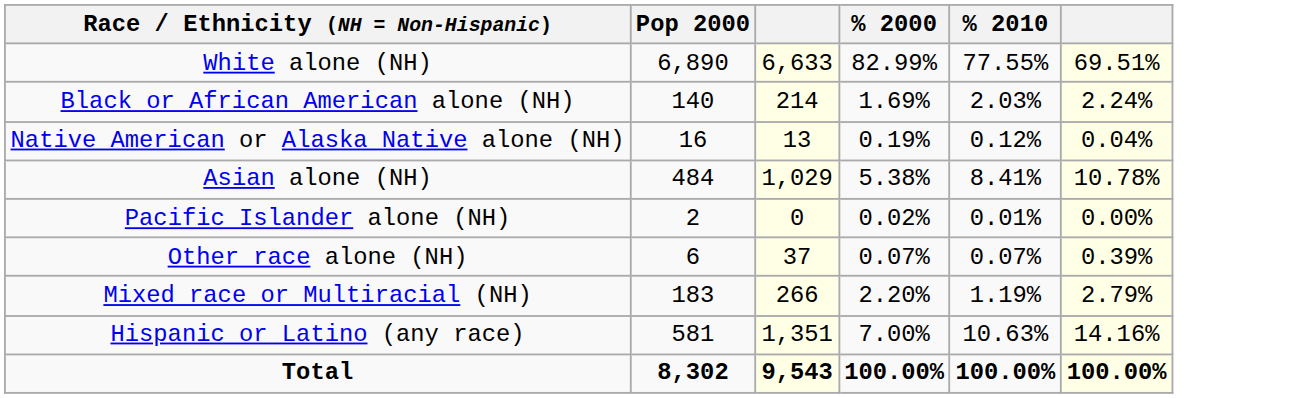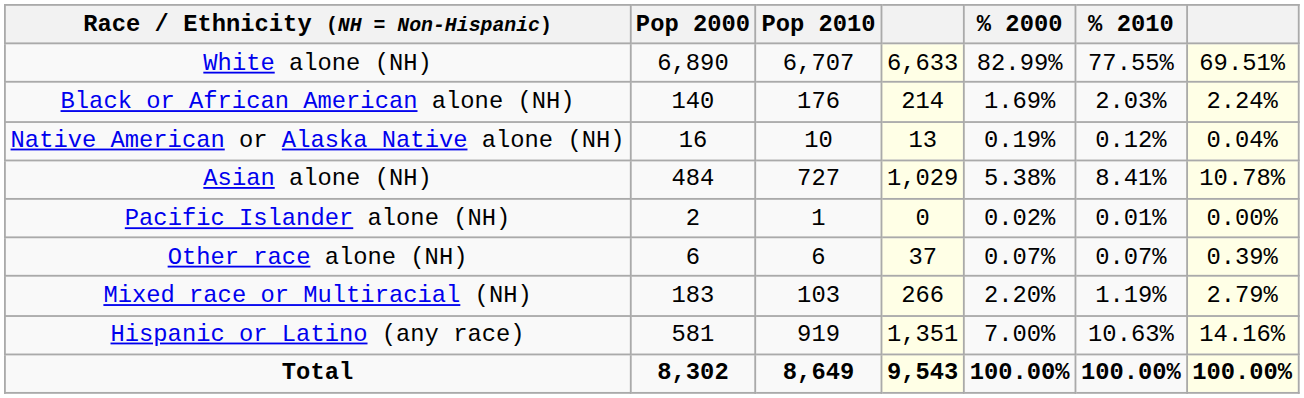 <table class="wikitable" style="text-align:center;">
 <tr>
 <th>Race / Ethnicity <small>(<em>NH = Non-Hispanic</em>)</small></th>
 <th>Pop 2000</th>
+<th>Pop 2010</th>
 <th></th>
 <th>% 2000</th>
 <th>% 2010</th>
 <th></th>
 </tr>
 <tr>
 <td><a href='#'>White</a> alone (NH)</td>
 <td>6,890</td>
+<td>6,707</td>
 <td style='background: #ffffe6;'>6,633</td>
 <td>82.99%</td>
 <td>77.55%</td>
 <td style='background: #ffffe6;'>69.51%</td>
 </tr>
 <tr>
 <td><a href='#'>Black or African American</a> alone (NH)</td>
 <td>140</td>
+<td>176</td>
 <td style='background: #ffffe6;'>214</td>
 <td>1.69%</td>
 <td>2.03%</td>
 <td style='background: #ffffe6;'>2.24%</td>
 </tr>
 <tr>
 <td><a href='#'>Native American</a> or <a href='#'>Alaska Native</a> alone (NH)</td>
 <td>16</td>
+<td>10</td>
 <td style='background: #ffffe6;'>13</td>
 <td>0.19%</td>
 <td>0.12%</td>
 <td style='background: #ffffe6;'>0.04%</td>
 </tr>
 <tr>
 <td><a href='#'>Asian</a> alone (NH)</td>
 <td>484</td>
+<td>727</td>
 <td style='background: #ffffe6;'>1,029</td>
 <td>5.38%</td>
 <td>8.41%</td>
 <td style='background: #ffffe6;'>10.78%</td>
 </tr>
 <tr>
 <td><a href='#'>Pacific Islander</a> alone (NH)</td>
 <td>2</td>
+<td>1</td>
 <td style='background: #ffffe6;'>0</td>
 <td>0.02%</td>
 <td>0.01%</td>
 <td style='background: #ffffe6;'>0.00%</td>
 </tr>
 <tr>
 <td><a href='#'>Other race</a> alone (NH)</td>
+<td>6</td>
 <td>6</td>
 <td style='background: #ffffe6;'>37</td>
 <td>0.07%</td>
 <td>0.07%</td>
 <td style='background: #ffffe6;'>0.39%</td>
 </tr>
 <tr>
 <td><a href='#'>Mixed race or Multiracial</a> (NH)</td>
 <td>183</td>
+<td>103</td>
 <td style='background: #ffffe6;'>266</td>
 <td>2.20%</td>
 <td>1.19%</td>
 <td style='background: #ffffe6;'>2.79%</td>
 </tr>
 <tr>
 <td><a href='#'>Hispanic or Latino</a> (any race)</td>
 <td>581</td>
+<td>919</td>
 <td style='background: #ffffe6;'>1,351</td>
 <td>7.00%</td>
 <td>10.63%</td>
 <td style='background: #ffffe6;'>14.16%</td>
 </tr>
 <tr>
 <td><strong>Total</strong></td>
 <td><strong>8,302</strong></td>
+<td><strong>8,649</strong></td>
 <td style='background: #ffffe6;'><strong>9,543</strong></td>
 <td><strong>100.00%</strong></td>
 <td><strong>100.00%</strong></td>
 <td style='background: #ffffe6;'><strong>100.00%</strong></td>
 </tr>
 </table>
